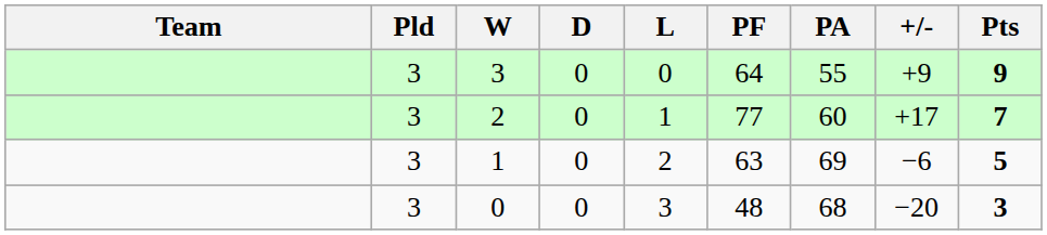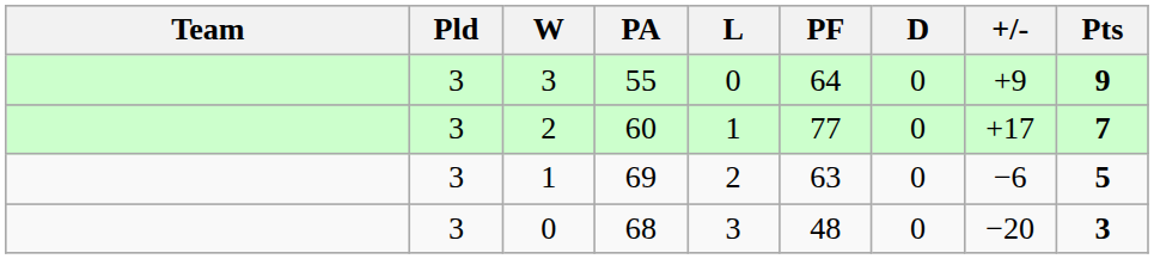 <table class="wikitable" style="text-align: center;">
 <tr>
 <th width="200">Team</th>
 <th width="40">Pld</th>
 <th width="40">W</th>
-<th width="40">D</th>
+<th width="40">PA</th>
 <th width="40">L</th>
 <th width="40">PF</th>
-<th width="40">PA</th>
+<th width="40">D</th>
 <th width="40">+/-</th>
 <th width="40">Pts</th>
 </tr>
 <tr style="background-color:#ccffcc">
 <td style="text-align:left;"></td>
 <td>3</td>
 <td>3</td>
-<td>0</td>
+<td>55</td>
 <td>0</td>
 <td>64</td>
-<td>55</td>
+<td>0</td>
 <td>+9</td>
 <td><strong>9</strong></td>
 </tr>
 <tr style="background-color:#ccffcc">
 <td style="text-align:left;"></td>
 <td>3</td>
 <td>2</td>
-<td>0</td>
+<td>60</td>
 <td>1</td>
 <td>77</td>
-<td>60</td>
+<td>0</td>
 <td>+17</td>
 <td><strong>7</strong></td>
 </tr>
 <tr>
 <td style="text-align:left;"></td>
 <td>3</td>
 <td>1</td>
-<td>0</td>
+<td>69</td>
 <td>2</td>
 <td>63</td>
-<td>69</td>
+<td>0</td>
 <td>−6</td>
 <td><strong>5</strong></td>
 </tr>
 <tr>
 <td style="text-align:left;"></td>
 <td>3</td>
 <td>0</td>
-<td>0</td>
+<td>68</td>
 <td>3</td>
 <td>48</td>
-<td>68</td>
+<td>0</td>
 <td>−20</td>
 <td><strong>3</strong></td>
 </tr>
 </table>
